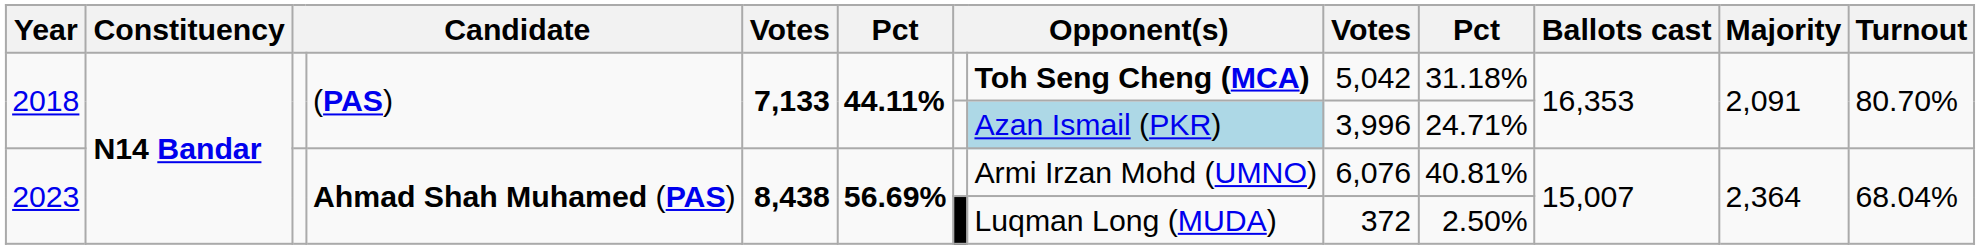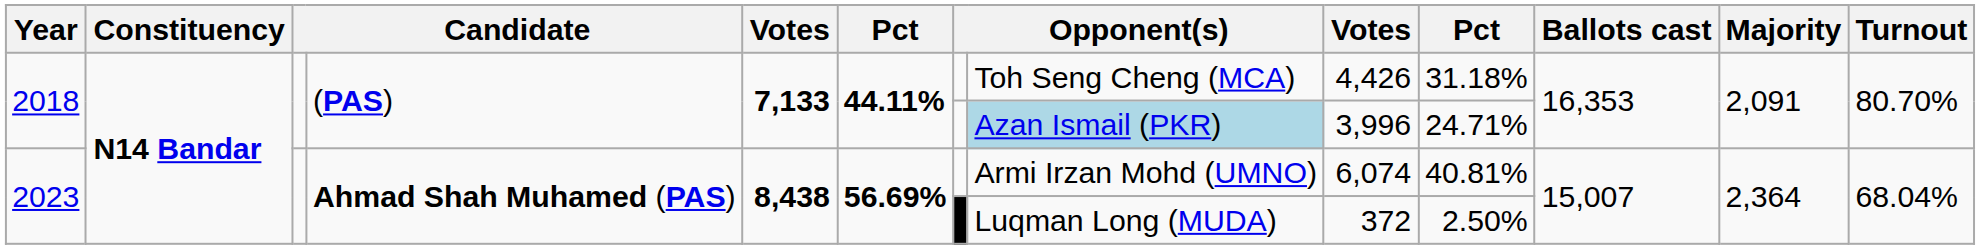 <table class="wikitable" style="margin:0.5em ; font-size:95%">
 <tr>
 <th>Year</th>
 <th>Constituency</th>
 <th colspan=2>Candidate</th>
 <th>Votes</th>
 <th>Pct</th>
 <th colspan=2>Opponent(s)</th>
 <th>Votes</th>
 <th>Pct</th>
 <th>Ballots cast</th>
 <th>Majority</th>
 <th>Turnout</th>
 </tr>
 <tr>
 <td rowspan=2><a href='#'>2018</a></td>
 <td rowspan=4><strong>N14 <a href='#'>Bandar</a></strong></td>
 <td rowspan=2 ></td>
 <td rowspan=2> (<a href='#'><strong>PAS</strong></a>)</td>
 <td rowspan=2 align="right"><strong>7,133</strong></td>
 <td rowspan=2><strong>44.11%</strong></td>
 <td></td>
-<td><strong>Toh Seng Cheng (<a href='#'>MCA</a>)</strong></td>
-<td align="right">5,042</td>
+<td>Toh Seng Cheng (<a href='#'>MCA</a>)</td>
+<td align="right">4,426</td>
 <td>31.18%</td>
 <td rowspan=2>16,353</td>
 <td rowspan=2>2,091</td>
 <td rowspan=2>80.70%</td>
 </tr>
 <tr>
 <td></td>
 <td style="background: lightblue;"><a href='#'>Azan Ismail</a> (<a href='#'>PKR</a>)</td>
 <td align="right">3,996</td>
 <td>24.71%</td>
 </tr>
 <tr>
 <td rowspan=2><a href='#'>2023</a></td>
 <td rowspan=2 ></td>
 <td rowspan=2><strong>Ahmad Shah Muhamed</strong> (<a href='#'><strong>PAS</strong></a>)</td>
 <td rowspan=2 align="right"><strong>8,438</strong></td>
 <td rowspan=2><strong>56.69%</strong></td>
 <td></td>
 <td>Armi Irzan Mohd (<a href='#'>UMNO</a>)</td>
-<td align="right">6,076</td>
+<td align="right">6,074</td>
 <td>40.81%</td>
 <td rowspan=2>15,007</td>
 <td rowspan=2>2,364</td>
 <td rowspan=2>68.04%</td>
 </tr>
 <tr>
 <td bgcolor="black"></td>
 <td>Luqman Long (<a href='#'>MUDA</a>)</td>
 <td align="right">372</td>
 <td align="right">2.50%</td>
 </tr>
 </table>
